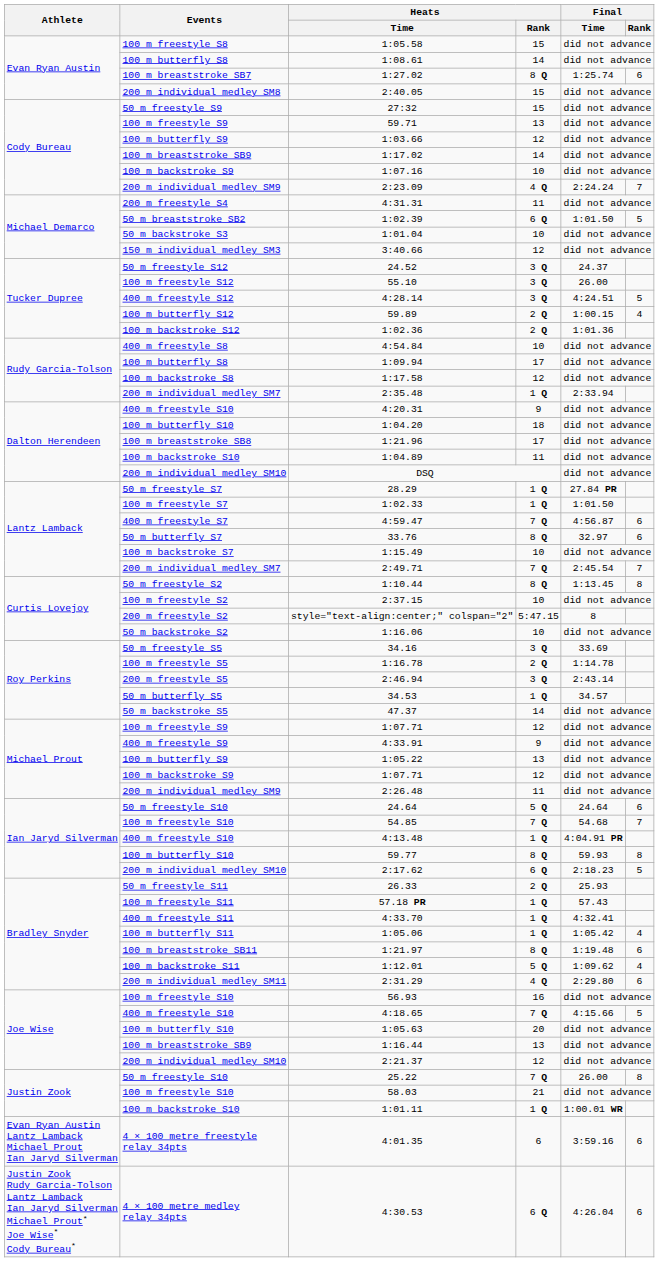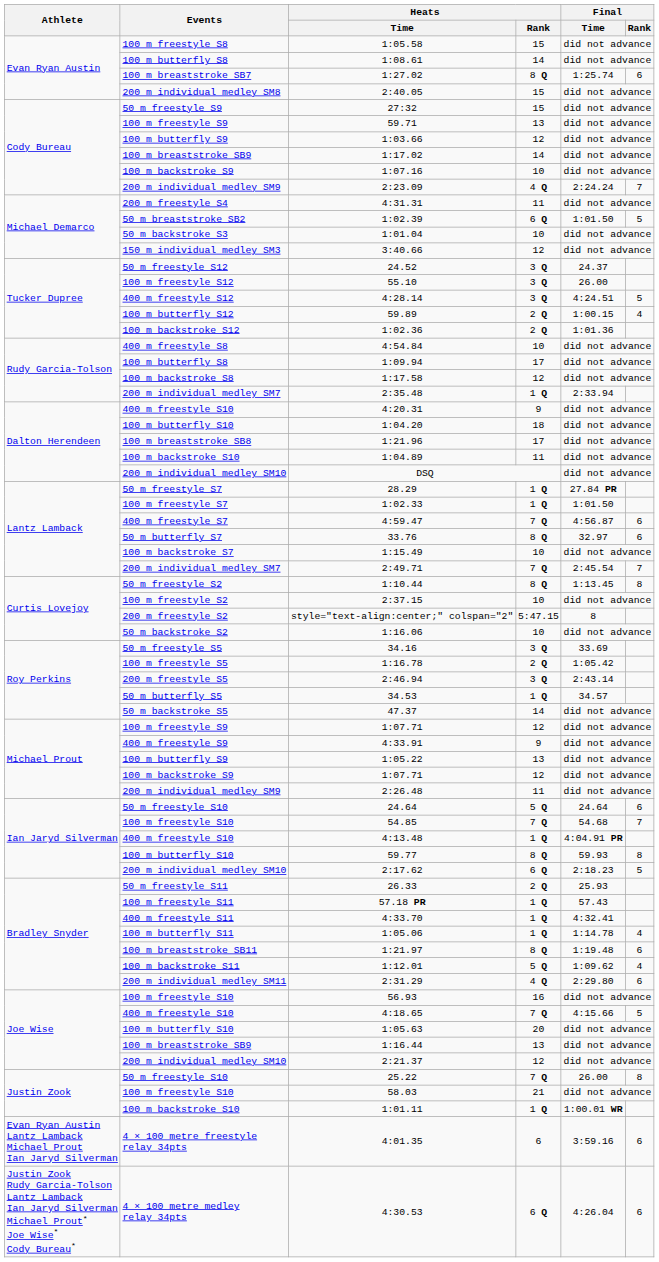 <table class=wikitable>
 <tr>
 <th rowspan="2">Athlete</th>
 <th rowspan="2">Events</th>
 <th colspan="2">Heats</th>
 <th colspan="2">Final</th>
 </tr>
 <tr>
 <th>Time</th>
 <th>Rank</th>
 <th>Time</th>
 <th>Rank</th>
 </tr>
 <tr>
 <td rowspan="4"><a href='#'>Evan Ryan Austin</a></td>
 <td><a href='#'>100 m freestyle S8</a></td>
 <td style="text-align:center;">1:05.58</td>
 <td style="text-align:center;">15</td>
 <td style="text-align:center;" colspan="2">did not advance</td>
 </tr>
 <tr>
 <td><a href='#'>100 m butterfly S8</a></td>
 <td style="text-align:center;">1:08.61</td>
 <td style="text-align:center;">14</td>
 <td style="text-align:center;" colspan="2">did not advance</td>
 </tr>
 <tr>
 <td><a href='#'>100 m breaststroke SB7</a></td>
 <td style="text-align:center;">1:27.02</td>
 <td style="text-align:center;">8 <strong>Q</strong></td>
 <td style="text-align:center;">1:25.74</td>
 <td style="text-align:center;">6</td>
 </tr>
 <tr>
 <td><a href='#'>200 m individual medley SM8</a></td>
 <td style="text-align:center;">2:40.05</td>
 <td style="text-align:center;">15</td>
 <td style="text-align:center;" colspan="2">did not advance</td>
 </tr>
 <tr>
 <td rowspan="6"><a href='#'>Cody Bureau</a></td>
 <td><a href='#'>50 m freestyle S9</a></td>
 <td style="text-align:center;">27:32</td>
 <td style="text-align:center;">15</td>
 <td style="text-align:center;" colspan="2">did not advance</td>
 </tr>
 <tr>
 <td><a href='#'>100 m freestyle S9</a></td>
 <td style="text-align:center;">59.71</td>
 <td style="text-align:center;">13</td>
 <td style="text-align:center;" colspan="2">did not advance</td>
 </tr>
 <tr>
 <td><a href='#'>100 m butterfly S9</a></td>
 <td style="text-align:center;">1:03.66</td>
 <td style="text-align:center;">12</td>
 <td style="text-align:center;" colspan="2">did not advance</td>
 </tr>
 <tr>
 <td><a href='#'>100 m breaststroke SB9</a></td>
 <td style="text-align:center;">1:17.02</td>
 <td style="text-align:center;">14</td>
 <td style="text-align:center;" colspan="2">did not advance</td>
 </tr>
 <tr>
 <td><a href='#'>100 m backstroke S9</a></td>
 <td style="text-align:center;">1:07.16</td>
 <td style="text-align:center;">10</td>
 <td style="text-align:center;" colspan="2">did not advance</td>
 </tr>
 <tr>
 <td><a href='#'>200 m individual medley SM9</a></td>
 <td style="text-align:center;">2:23.09</td>
 <td style="text-align:center;">4 <strong>Q</strong></td>
 <td style="text-align:center;">2:24.24</td>
 <td style="text-align:center;">7</td>
 </tr>
 <tr>
 <td rowspan="4"><a href='#'>Michael Demarco</a></td>
 <td><a href='#'>200 m freestyle S4</a></td>
 <td style="text-align:center;">4:31.31</td>
 <td style="text-align:center;">11</td>
 <td style="text-align:center;" colspan="2">did not advance</td>
 </tr>
 <tr>
 <td><a href='#'>50 m breaststroke SB2</a></td>
 <td style="text-align:center;">1:02.39</td>
 <td style="text-align:center;">6 <strong>Q</strong></td>
 <td style="text-align:center;">1:01.50</td>
 <td style="text-align:center;">5</td>
 </tr>
 <tr>
 <td><a href='#'>50 m backstroke S3</a></td>
 <td style="text-align:center;">1:01.04</td>
 <td style="text-align:center;">10</td>
 <td style="text-align:center;" colspan="2">did not advance</td>
 </tr>
 <tr>
 <td><a href='#'>150 m individual medley SM3</a></td>
 <td style="text-align:center;">3:40.66</td>
 <td style="text-align:center;">12</td>
 <td style="text-align:center;" colspan="2">did not advance</td>
 </tr>
 <tr>
 <td rowspan="5"><a href='#'>Tucker Dupree</a></td>
 <td><a href='#'>50 m freestyle S12</a></td>
 <td style="text-align:center;">24.52</td>
 <td style="text-align:center;">3 <strong>Q</strong></td>
 <td style="text-align:center;">24.37</td>
 <td style="text-align:center;"></td>
 </tr>
 <tr>
 <td><a href='#'>100 m freestyle S12</a></td>
 <td style="text-align:center;">55.10</td>
 <td style="text-align:center;">3 <strong>Q</strong></td>
 <td style="text-align:center;">26.00</td>
 <td style="text-align:center;"></td>
 </tr>
 <tr>
 <td><a href='#'>400 m freestyle S12</a></td>
 <td style="text-align:center;">4:28.14</td>
 <td style="text-align:center;">3 <strong>Q</strong></td>
 <td style="text-align:center;">4:24.51</td>
 <td style="text-align:center;">5</td>
 </tr>
 <tr>
 <td><a href='#'>100 m butterfly S12</a></td>
 <td style="text-align:center;">59.89</td>
 <td style="text-align:center;">2 <strong>Q</strong></td>
 <td style="text-align:center;">1:00.15</td>
 <td style="text-align:center;">4</td>
 </tr>
 <tr>
 <td><a href='#'>100 m backstroke S12</a></td>
 <td style="text-align:center;">1:02.36</td>
 <td style="text-align:center;">2 <strong>Q</strong></td>
 <td style="text-align:center;">1:01.36</td>
 <td style="text-align:center;"></td>
 </tr>
 <tr>
 <td rowspan="4"><a href='#'>Rudy Garcia-Tolson</a></td>
 <td><a href='#'>400 m freestyle S8</a></td>
 <td style="text-align:center;">4:54.84</td>
 <td style="text-align:center;">10</td>
 <td style="text-align:center;" colspan="2">did not advance</td>
 </tr>
 <tr>
 <td><a href='#'>100 m butterfly S8</a></td>
 <td style="text-align:center;">1:09.94</td>
 <td style="text-align:center;">17</td>
 <td style="text-align:center;" colspan="2">did not advance</td>
 </tr>
 <tr>
 <td><a href='#'>100 m backstroke S8</a></td>
 <td style="text-align:center;">1:17.58</td>
 <td style="text-align:center;">12</td>
 <td style="text-align:center;" colspan="2">did not advance</td>
 </tr>
 <tr>
 <td><a href='#'>200 m individual medley SM7</a></td>
 <td style="text-align:center;">2:35.48</td>
 <td style="text-align:center;">1 <strong>Q</strong></td>
 <td style="text-align:center;">2:33.94</td>
 <td style="text-align:center;"></td>
 </tr>
 <tr>
 <td rowspan="5"><a href='#'>Dalton Herendeen</a></td>
 <td><a href='#'>400 m freestyle S10</a></td>
 <td style="text-align:center;">4:20.31</td>
 <td style="text-align:center;">9</td>
 <td style="text-align:center;" colspan="2">did not advance</td>
 </tr>
 <tr>
 <td><a href='#'>100 m butterfly S10</a></td>
 <td style="text-align:center;">1:04.20</td>
 <td style="text-align:center;">18</td>
 <td style="text-align:center;" colspan="2">did not advance</td>
 </tr>
 <tr>
 <td><a href='#'>100 m breaststroke SB8</a></td>
 <td style="text-align:center;">1:21.96</td>
 <td style="text-align:center;">17</td>
 <td style="text-align:center;" colspan="2">did not advance</td>
 </tr>
 <tr>
 <td><a href='#'>100 m backstroke S10</a></td>
 <td style="text-align:center;">1:04.89</td>
 <td style="text-align:center;">11</td>
 <td style="text-align:center;" colspan="2">did not advance</td>
 </tr>
 <tr>
 <td><a href='#'>200 m individual medley SM10</a></td>
 <td style="text-align:center;" colspan="2">DSQ</td>
 <td style="text-align:center;" colspan="2">did not advance</td>
 </tr>
 <tr>
 <td rowspan="6"><a href='#'>Lantz Lamback</a></td>
 <td><a href='#'>50 m freestyle S7</a></td>
 <td style="text-align:center;">28.29</td>
 <td style="text-align:center;">1 <strong>Q</strong></td>
 <td style="text-align:center;">27.84 <strong>PR</strong></td>
 <td style="text-align:center;"></td>
 </tr>
 <tr>
 <td><a href='#'>100 m freestyle S7</a></td>
 <td style="text-align:center;">1:02.33</td>
 <td style="text-align:center;">1 <strong>Q</strong></td>
 <td style="text-align:center;">1:01.50</td>
 <td style="text-align:center;"></td>
 </tr>
 <tr>
 <td><a href='#'>400 m freestyle S7</a></td>
 <td style="text-align:center;">4:59.47</td>
 <td style="text-align:center;">7 <strong>Q</strong></td>
 <td style="text-align:center;">4:56.87</td>
 <td style="text-align:center;">6</td>
 </tr>
 <tr>
 <td><a href='#'>50 m butterfly S7</a></td>
 <td style="text-align:center;">33.76</td>
 <td style="text-align:center;">8 <strong>Q</strong></td>
 <td style="text-align:center;">32.97</td>
 <td style="text-align:center;">6</td>
 </tr>
 <tr>
 <td><a href='#'>100 m backstroke S7</a></td>
 <td style="text-align:center;">1:15.49</td>
 <td style="text-align:center;">10</td>
 <td style="text-align:center;" colspan="2">did not advance</td>
 </tr>
 <tr>
 <td><a href='#'>200 m individual medley SM7</a></td>
 <td style="text-align:center;">2:49.71</td>
 <td style="text-align:center;">7 <strong>Q</strong></td>
 <td style="text-align:center;">2:45.54</td>
 <td style="text-align:center;">7</td>
 </tr>
 <tr>
 <td rowspan="4"><a href='#'>Curtis Lovejoy</a></td>
 <td><a href='#'>50 m freestyle S2</a></td>
 <td style="text-align:center;">1:10.44</td>
 <td style="text-align:center;">8 <strong>Q</strong></td>
 <td style="text-align:center;">1:13.45</td>
 <td style="text-align:center;">8</td>
 </tr>
 <tr>
 <td><a href='#'>100 m freestyle S2</a></td>
 <td style="text-align:center;">2:37.15</td>
 <td style="text-align:center;">10</td>
 <td style="text-align:center;" colspan="2">did not advance</td>
 </tr>
 <tr>
 <td><a href='#'>200 m freestyle S2</a></td>
 <td>style="text-align:center;" colspan="2" </td>
 <td style="text-align:center;">5:47.15</td>
 <td style="text-align:center;">8</td>
 </tr>
 <tr>
 <td><a href='#'>50 m backstroke S2</a></td>
 <td style="text-align:center;">1:16.06</td>
 <td style="text-align:center;">10</td>
 <td style="text-align:center;" colspan="2">did not advance</td>
 </tr>
 <tr>
 <td rowspan="5"><a href='#'>Roy Perkins</a></td>
 <td><a href='#'>50 m freestyle S5</a></td>
 <td style="text-align:center;">34.16</td>
 <td style="text-align:center;">3 <strong>Q</strong></td>
 <td style="text-align:center;">33.69</td>
 <td style="text-align:center;"></td>
 </tr>
 <tr>
 <td><a href='#'>100 m freestyle S5</a></td>
 <td style="text-align:center;">1:16.78</td>
 <td style="text-align:center;">2 <strong>Q</strong></td>
-<td style="text-align:center;">1:14.78</td>
+<td style="text-align:center;">1:05.42</td>
 <td style="text-align:center;"></td>
 </tr>
 <tr>
 <td><a href='#'>200 m freestyle S5</a></td>
 <td style="text-align:center;">2:46.94</td>
 <td style="text-align:center;">3 <strong>Q</strong></td>
 <td style="text-align:center;">2:43.14</td>
 <td style="text-align:center;"></td>
 </tr>
 <tr>
 <td><a href='#'>50 m butterfly S5</a></td>
 <td style="text-align:center;">34.53</td>
 <td style="text-align:center;">1 <strong>Q</strong></td>
 <td style="text-align:center;">34.57</td>
 <td style="text-align:center;"></td>
 </tr>
 <tr>
 <td><a href='#'>50 m backstroke S5</a></td>
 <td style="text-align:center;">47.37</td>
 <td style="text-align:center;">14</td>
 <td style="text-align:center;" colspan="2">did not advance</td>
 </tr>
 <tr>
 <td rowspan="5"><a href='#'>Michael Prout</a></td>
 <td><a href='#'>100 m freestyle S9</a></td>
 <td style="text-align:center;">1:07.71</td>
 <td style="text-align:center;">12</td>
 <td style="text-align:center;" colspan="2">did not advance</td>
 </tr>
 <tr>
 <td><a href='#'>400 m freestyle S9</a></td>
 <td style="text-align:center;">4:33.91</td>
 <td style="text-align:center;">9</td>
 <td style="text-align:center;" colspan="2">did not advance</td>
 </tr>
 <tr>
 <td><a href='#'>100 m butterfly S9</a></td>
 <td style="text-align:center;">1:05.22</td>
 <td style="text-align:center;">13</td>
 <td style="text-align:center;" colspan="2">did not advance</td>
 </tr>
 <tr>
 <td><a href='#'>100 m backstroke S9</a></td>
 <td style="text-align:center;">1:07.71</td>
 <td style="text-align:center;">12</td>
 <td style="text-align:center;" colspan="2">did not advance</td>
 </tr>
 <tr>
 <td><a href='#'>200 m individual medley SM9</a></td>
 <td style="text-align:center;">2:26.48</td>
 <td style="text-align:center;">11</td>
 <td style="text-align:center;" colspan="2">did not advance</td>
 </tr>
 <tr>
 <td rowspan="5"><a href='#'>Ian Jaryd Silverman</a></td>
 <td><a href='#'>50 m freestyle S10</a></td>
 <td style="text-align:center;">24.64</td>
 <td style="text-align:center;">5 <strong>Q</strong></td>
 <td style="text-align:center;">24.64</td>
 <td style="text-align:center;">6</td>
 </tr>
 <tr>
 <td><a href='#'>100 m freestyle S10</a></td>
 <td style="text-align:center;">54.85</td>
 <td style="text-align:center;">7 <strong>Q</strong></td>
 <td style="text-align:center;">54.68</td>
 <td style="text-align:center;">7</td>
 </tr>
 <tr>
 <td><a href='#'>400 m freestyle S10</a></td>
 <td style="text-align:center;">4:13.48</td>
 <td style="text-align:center;">1 <strong>Q</strong></td>
 <td style="text-align:center;">4:04.91 <strong>PR</strong></td>
 <td style="text-align:center;"></td>
 </tr>
 <tr>
 <td><a href='#'>100 m butterfly S10</a></td>
 <td style="text-align:center;">59.77</td>
 <td style="text-align:center;">8 <strong>Q</strong></td>
 <td style="text-align:center;">59.93</td>
 <td style="text-align:center;">8</td>
 </tr>
 <tr>
 <td><a href='#'>200 m individual medley SM10</a></td>
 <td style="text-align:center;">2:17.62</td>
 <td style="text-align:center;">6 <strong>Q</strong></td>
 <td style="text-align:center;">2:18.23</td>
 <td style="text-align:center;">5</td>
 </tr>
 <tr>
 <td rowspan="7"><a href='#'>Bradley Snyder</a></td>
 <td><a href='#'>50 m freestyle S11</a></td>
 <td style="text-align:center;">26.33</td>
 <td style="text-align:center;">2 <strong>Q</strong></td>
 <td style="text-align:center;">25.93</td>
 <td style="text-align:center;"></td>
 </tr>
 <tr>
 <td><a href='#'>100 m freestyle S11</a></td>
 <td style="text-align:center;">57.18 <strong>PR</strong></td>
 <td style="text-align:center;">1 <strong>Q</strong></td>
 <td style="text-align:center;">57.43</td>
 <td style="text-align:center;"></td>
 </tr>
 <tr>
 <td><a href='#'>400 m freestyle S11</a></td>
 <td style="text-align:center;">4:33.70</td>
 <td style="text-align:center;">1 <strong>Q</strong></td>
 <td style="text-align:center;">4:32.41</td>
 <td style="text-align:center;"></td>
 </tr>
 <tr>
 <td><a href='#'>100 m butterfly S11</a></td>
 <td style="text-align:center;">1:05.06</td>
 <td style="text-align:center;">1 <strong>Q</strong></td>
-<td style="text-align:center;">1:05.42</td>
+<td style="text-align:center;">1:14.78</td>
 <td style="text-align:center;">4</td>
 </tr>
 <tr>
 <td><a href='#'>100 m breaststroke SB11</a></td>
 <td style="text-align:center;">1:21.97</td>
 <td style="text-align:center;">8 <strong>Q</strong></td>
 <td style="text-align:center;">1:19.48</td>
 <td style="text-align:center;">6</td>
 </tr>
 <tr>
 <td><a href='#'>100 m backstroke S11</a></td>
 <td style="text-align:center;">1:12.01</td>
 <td style="text-align:center;">5 <strong>Q</strong></td>
 <td style="text-align:center;">1:09.62</td>
 <td style="text-align:center;">4</td>
 </tr>
 <tr>
 <td><a href='#'>200 m individual medley SM11</a></td>
 <td style="text-align:center;">2:31.29</td>
 <td style="text-align:center;">4 <strong>Q</strong></td>
 <td style="text-align:center;">2:29.80</td>
 <td style="text-align:center;">6</td>
 </tr>
 <tr>
 <td rowspan="5"><a href='#'>Joe Wise</a></td>
 <td><a href='#'>100 m freestyle S10</a></td>
 <td style="text-align:center;">56.93</td>
 <td style="text-align:center;">16</td>
 <td style="text-align:center;" colspan="2">did not advance</td>
 </tr>
 <tr>
 <td><a href='#'>400 m freestyle S10</a></td>
 <td style="text-align:center;">4:18.65</td>
 <td style="text-align:center;">7 <strong>Q</strong></td>
 <td style="text-align:center;">4:15.66</td>
 <td style="text-align:center;">5</td>
 </tr>
 <tr>
 <td><a href='#'>100 m butterfly S10</a></td>
 <td style="text-align:center;">1:05.63</td>
 <td style="text-align:center;">20</td>
 <td style="text-align:center;" colspan="2">did not advance</td>
 </tr>
 <tr>
 <td><a href='#'>100 m breaststroke SB9</a></td>
 <td style="text-align:center;">1:16.44</td>
 <td style="text-align:center;">13</td>
 <td style="text-align:center;" colspan="2">did not advance</td>
 </tr>
 <tr>
 <td><a href='#'>200 m individual medley SM10</a></td>
 <td style="text-align:center;">2:21.37</td>
 <td style="text-align:center;">12</td>
 <td style="text-align:center;" colspan="2">did not advance</td>
 </tr>
 <tr>
 <td rowspan="3"><a href='#'>Justin Zook</a></td>
 <td><a href='#'>50 m freestyle S10</a></td>
 <td style="text-align:center;">25.22</td>
 <td style="text-align:center;">7 <strong>Q</strong></td>
 <td style="text-align:center;">26.00</td>
 <td style="text-align:center;">8</td>
 </tr>
 <tr>
 <td><a href='#'>100 m freestyle S10</a></td>
 <td style="text-align:center;">58.03</td>
 <td style="text-align:center;">21</td>
 <td style="text-align:center;" colspan="2">did not advance</td>
 </tr>
 <tr>
 <td><a href='#'>100 m backstroke S10</a></td>
 <td style="text-align:center;">1:01.11</td>
 <td style="text-align:center;">1 <strong>Q</strong></td>
 <td style="text-align:center;">1:00.01 <strong>WR</strong></td>
 <td style="text-align:center;"></td>
 </tr>
 <tr>
 <td><a href='#'>Evan Ryan Austin</a><br><a href='#'>Lantz Lamback</a><br><a href='#'>Michael Prout</a><br><a href='#'>Ian Jaryd Silverman</a></td>
 <td><a href='#'>4 × 100 metre freestyle<br>relay 34pts</a></td>
 <td style="text-align:center;">4:01.35</td>
 <td style="text-align:center;">6</td>
 <td style="text-align:center;">3:59.16</td>
 <td style="text-align:center;">6</td>
 </tr>
 <tr>
 <td><a href='#'>Justin Zook</a><br><a href='#'>Rudy Garcia-Tolson</a><br><a href='#'>Lantz Lamback</a><br><a href='#'>Ian Jaryd Silverman</a><br><a href='#'>Michael Prout</a><sup>*</sup><br><a href='#'>Joe Wise</a><sup>*</sup><br><a href='#'>Cody Bureau</a><sup>*</sup></td>
 <td><a href='#'>4 × 100 metre medley<br>relay 34pts</a></td>
 <td style="text-align:center;">4:30.53</td>
 <td style="text-align:center;">6 <strong>Q</strong></td>
 <td style="text-align:center;">4:26.04</td>
 <td style="text-align:center;">6</td>
 </tr>
 </table>
